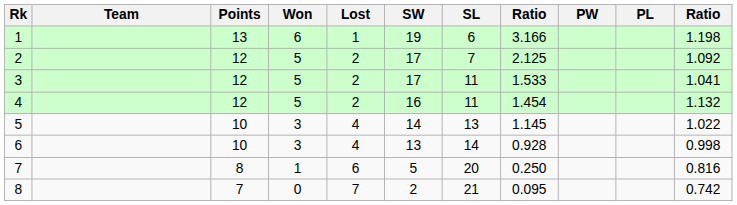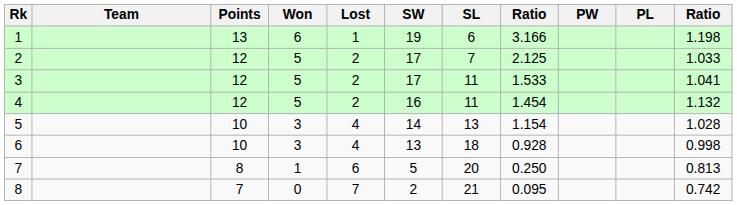 <table class=wikitable style="text-align:center">
 <tr bgcolor="#dcdcdc">
 <th width="25">Rk</th>
 <th width="200">Team</th>
 <th width="60">Points</th>
 <th width="60">Won</th>
 <th width="60">Lost</th>
 <th width="60">SW</th>
 <th width="60">SL</th>
 <th width="60">Ratio</th>
 <th width="60">PW</th>
 <th width="60">PL</th>
 <th width="60">Ratio</th>
 </tr>
 <tr bgcolor="#ccffcc">
 <td>1</td>
 <td align=left></td>
 <td>13</td>
 <td>6</td>
 <td>1</td>
 <td>19</td>
 <td>6</td>
 <td>3.166</td>
 <td></td>
 <td></td>
 <td>1.198</td>
 </tr>
 <tr bgcolor="#ccffcc">
 <td>2</td>
 <td align=left></td>
 <td>12</td>
 <td>5</td>
 <td>2</td>
 <td>17</td>
 <td>7</td>
 <td>2.125</td>
 <td></td>
 <td></td>
-<td>1.092</td>
+<td>1.033</td>
 </tr>
 <tr bgcolor="#ccffcc">
 <td>3</td>
 <td align=left></td>
 <td>12</td>
 <td>5</td>
 <td>2</td>
 <td>17</td>
 <td>11</td>
 <td>1.533</td>
 <td></td>
 <td></td>
 <td>1.041</td>
 </tr>
 <tr bgcolor="#ccffcc">
 <td>4</td>
 <td align=left></td>
 <td>12</td>
 <td>5</td>
 <td>2</td>
 <td>16</td>
 <td>11</td>
 <td>1.454</td>
 <td></td>
 <td></td>
 <td>1.132</td>
 </tr>
 <tr>
 <td>5</td>
 <td align=left></td>
 <td>10</td>
 <td>3</td>
 <td>4</td>
 <td>14</td>
 <td>13</td>
-<td>1.145</td>
+<td>1.154</td>
 <td></td>
 <td></td>
-<td>1.022</td>
+<td>1.028</td>
 </tr>
 <tr>
 <td>6</td>
 <td align=left></td>
 <td>10</td>
 <td>3</td>
 <td>4</td>
 <td>13</td>
-<td>14</td>
+<td>18</td>
 <td>0.928</td>
 <td></td>
 <td></td>
 <td>0.998</td>
 </tr>
 <tr>
 <td>7</td>
 <td align=left></td>
 <td>8</td>
 <td>1</td>
 <td>6</td>
 <td>5</td>
 <td>20</td>
 <td>0.250</td>
 <td></td>
 <td></td>
-<td>0.816</td>
+<td>0.813</td>
 </tr>
 <tr>
 <td>8</td>
 <td align=left></td>
 <td>7</td>
 <td>0</td>
 <td>7</td>
 <td>2</td>
 <td>21</td>
 <td>0.095</td>
 <td></td>
 <td></td>
 <td>0.742</td>
 </tr>
 </table>
